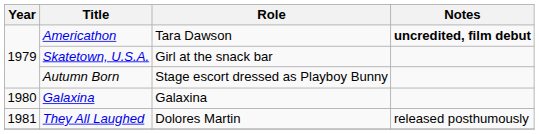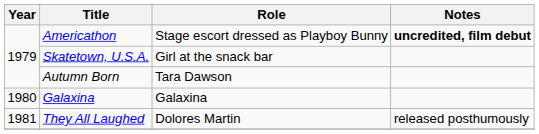 <table class="wikitable sortable">
 <tr>
 <th>Year</th>
 <th>Title</th>
 <th>Role</th>
 <th class="unsortable">Notes</th>
 </tr>
 <tr>
 <td rowspan= "3">1979</td>
 <td><em><a href='#'>Americathon</a></em></td>
-<td>Tara Dawson</td>
+<td>Stage escort dressed as Playboy Bunny</td>
 <td><strong>uncredited, film debut</strong></td>
 </tr>
 <tr>
 <td><em><a href='#'>Skatetown, U.S.A.</a></em></td>
 <td>Girl at the snack bar</td>
 <td></td>
 </tr>
 <tr>
 <td><em>Autumn Born</em></td>
-<td>Stage escort dressed as Playboy Bunny</td>
+<td>Tara Dawson</td>
 <td></td>
 </tr>
 <tr>
 <td>1980</td>
 <td><em><a href='#'>Galaxina</a></em></td>
 <td>Galaxina</td>
 <td></td>
 </tr>
 <tr>
 <td>1981</td>
 <td><em><a href='#'>They All Laughed</a></em></td>
 <td>Dolores Martin</td>
 <td>released posthumously</td>
 </tr>
 <tr>
 </tr>
 </table>
